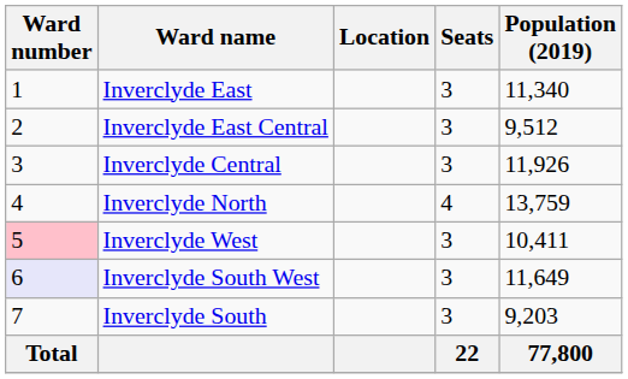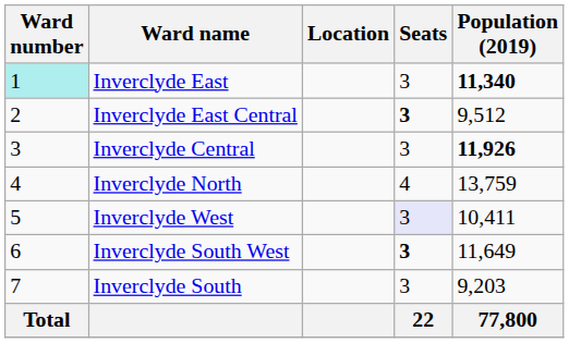 <table class="wikitable sortable">
 <tr>
 <th>Ward<br>number</th>
 <th>Ward name</th>
 <th>Location</th>
 <th>Seats</th>
 <th>Population<br>(2019)</th>
 </tr>
 <tr>
-<td>1</td>
+<td style="background: paleturquoise;">1</td>
 <td><a href='#'>Inverclyde East</a></td>
 <td></td>
 <td>3</td>
-<td>11,340</td>
+<td><strong>11,340</strong></td>
 </tr>
 <tr>
 <td>2</td>
 <td><a href='#'>Inverclyde East Central</a></td>
 <td></td>
-<td>3</td>
+<td><strong>3</strong></td>
 <td>9,512</td>
 </tr>
 <tr>
 <td>3</td>
 <td><a href='#'>Inverclyde Central</a></td>
 <td></td>
 <td>3</td>
-<td>11,926</td>
+<td><strong>11,926</strong></td>
 </tr>
 <tr>
 <td>4</td>
 <td><a href='#'>Inverclyde North</a></td>
 <td></td>
 <td>4</td>
 <td>13,759</td>
 </tr>
 <tr>
-<td style="background: pink;">5</td>
+<td>5</td>
 <td><a href='#'>Inverclyde West</a></td>
 <td></td>
-<td>3</td>
+<td style="background: lavender;">3</td>
 <td>10,411</td>
 </tr>
 <tr>
-<td style="background: lavender;">6</td>
+<td>6</td>
 <td><a href='#'>Inverclyde South West</a></td>
 <td></td>
-<td>3</td>
+<td><strong>3</strong></td>
 <td>11,649</td>
 </tr>
 <tr>
 <td>7</td>
 <td><a href='#'>Inverclyde South</a></td>
 <td></td>
 <td>3</td>
 <td>9,203</td>
 </tr>
 <tr>
 <th>Total</th>
 <th></th>
 <th></th>
 <th>22</th>
 <th>77,800</th>
 </tr>
 <tr>
 </tr>
 </table>
